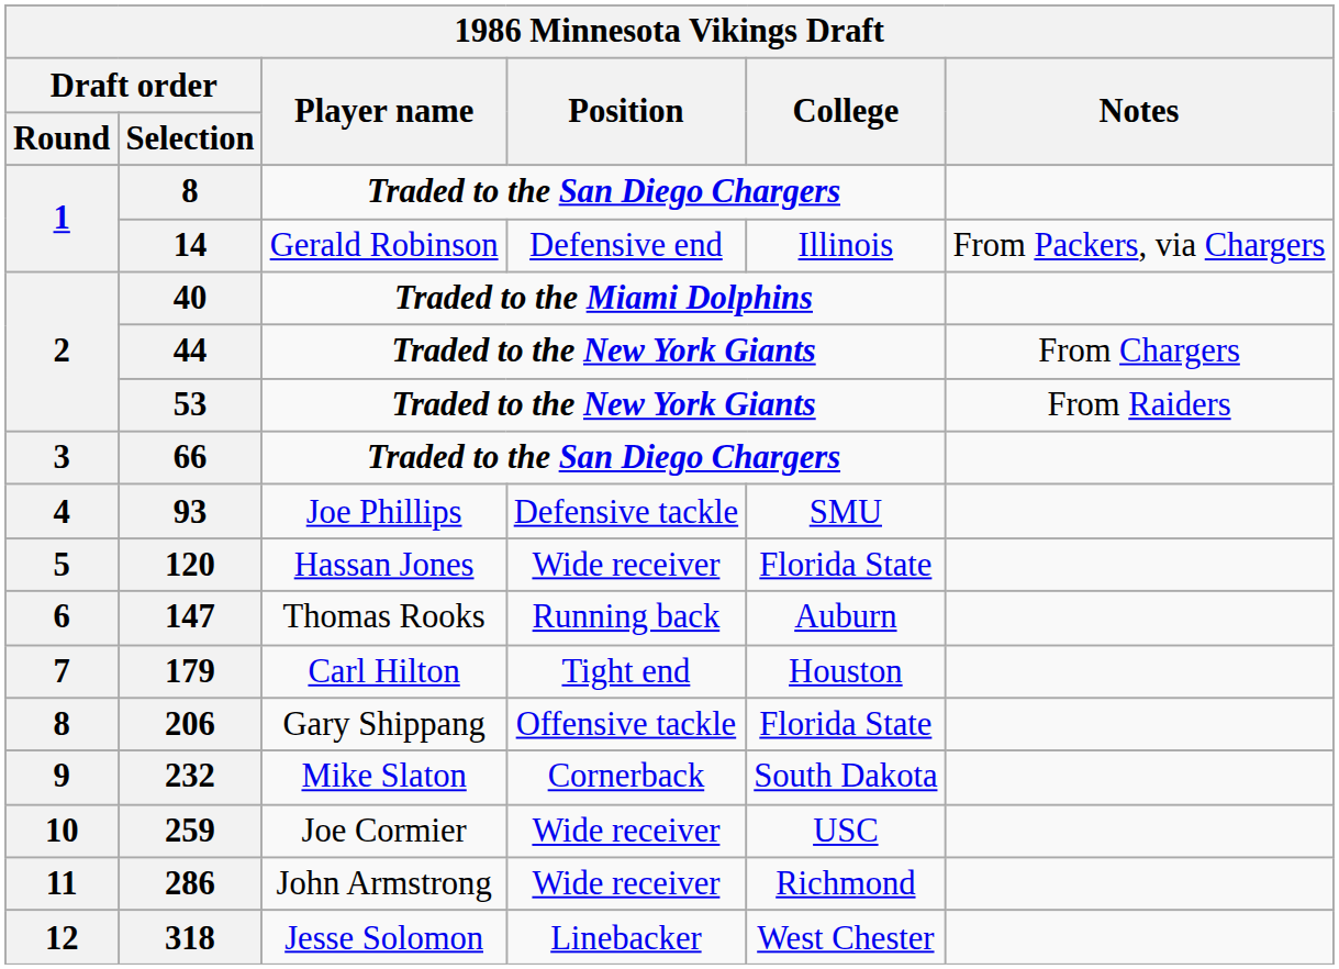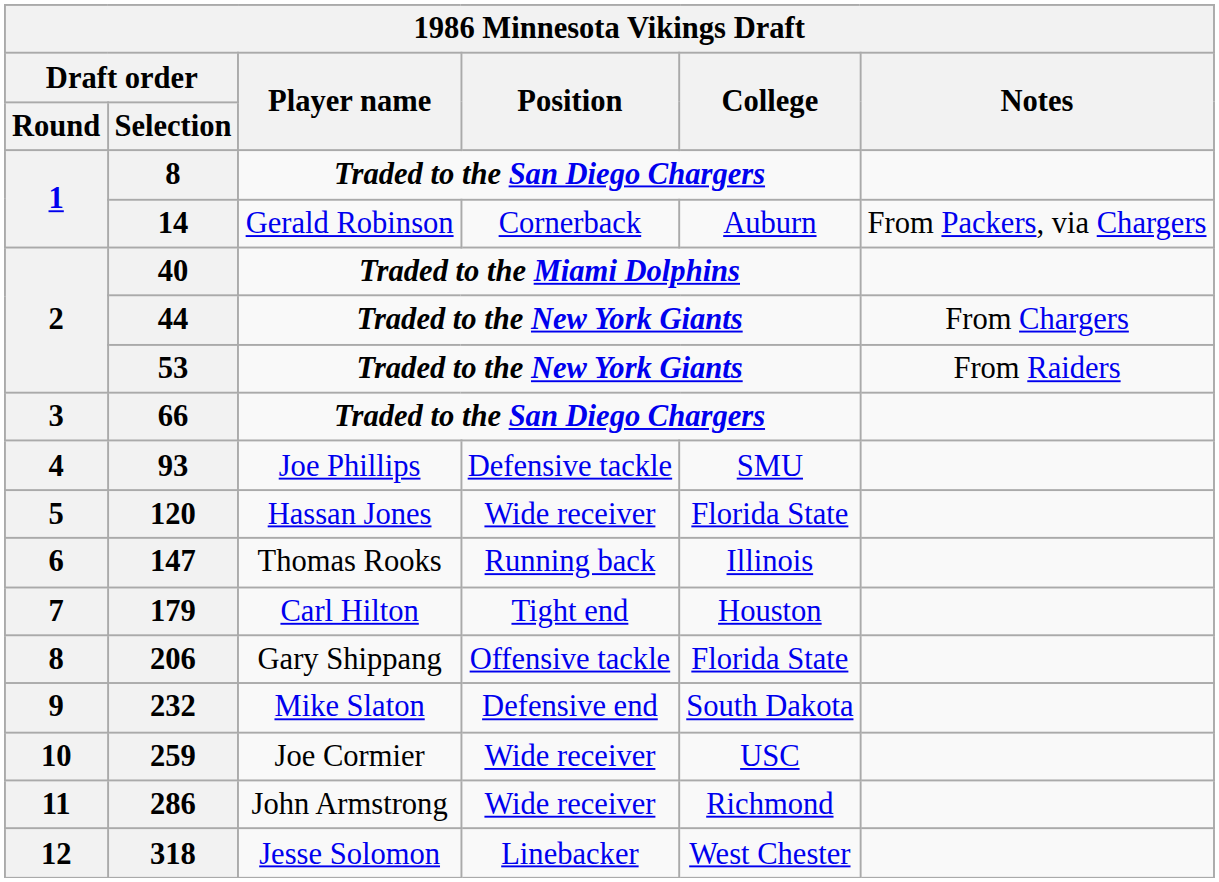 <table class="wikitable" style="text-align:center">
 <tr>
 <th colspan="6">1986 Minnesota Vikings Draft</th>
 </tr>
 <tr>
 <th colspan="2">Draft order</th>
 <th rowspan="2">Player name</th>
 <th rowspan="2">Position</th>
 <th rowspan="2">College</th>
 <th rowspan="2">Notes</th>
 </tr>
 <tr>
 <th>Round</th>
 <th>Selection</th>
 </tr>
 <tr>
 <th rowspan="2"><a href='#'>1</a></th>
 <th>8</th>
 <td colspan="3"><strong><em>Traded to the <a href='#'>San Diego Chargers</a></em></strong></td>
 <td></td>
 </tr>
 <tr>
 <th>14</th>
 <td><a href='#'>Gerald Robinson</a></td>
-<td><a href='#'>Defensive end</a></td>
-<td><a href='#'>Illinois</a></td>
+<td><a href='#'>Cornerback</a></td>
+<td><a href='#'>Auburn</a></td>
 <td>From <a href='#'>Packers</a>, via <a href='#'>Chargers</a></td>
 </tr>
 <tr>
 <th rowspan="3">2</th>
 <th>40</th>
 <td colspan="3"><strong><em>Traded to the <a href='#'>Miami Dolphins</a></em></strong></td>
 </tr>
 <tr>
 <th>44</th>
 <td colspan="3"><strong><em>Traded to the <a href='#'>New York Giants</a></em></strong></td>
 <td>From <a href='#'>Chargers</a></td>
 </tr>
 <tr>
 <th>53</th>
 <td colspan="3"><strong><em>Traded to the <a href='#'>New York Giants</a></em></strong></td>
 <td>From <a href='#'>Raiders</a></td>
 </tr>
 <tr>
 <th>3</th>
 <th>66</th>
 <td colspan="3"><strong><em>Traded to the <a href='#'>San Diego Chargers</a></em></strong></td>
 <td></td>
 </tr>
 <tr>
 <th>4</th>
 <th>93</th>
 <td><a href='#'>Joe Phillips</a></td>
 <td><a href='#'>Defensive tackle</a></td>
 <td><a href='#'>SMU</a></td>
 <td></td>
 </tr>
 <tr>
 <th>5</th>
 <th>120</th>
 <td><a href='#'>Hassan Jones</a></td>
 <td><a href='#'>Wide receiver</a></td>
 <td><a href='#'>Florida State</a></td>
 <td></td>
 </tr>
 <tr>
 <th>6</th>
 <th>147</th>
 <td>Thomas Rooks</td>
 <td><a href='#'>Running back</a></td>
-<td><a href='#'>Auburn</a></td>
+<td><a href='#'>Illinois</a></td>
 <td></td>
 </tr>
 <tr>
 <th>7</th>
 <th>179</th>
 <td><a href='#'>Carl Hilton</a></td>
 <td><a href='#'>Tight end</a></td>
 <td><a href='#'>Houston</a></td>
 <td></td>
 </tr>
 <tr>
 <th>8</th>
 <th>206</th>
 <td>Gary Shippang</td>
 <td><a href='#'>Offensive tackle</a></td>
 <td><a href='#'>Florida State</a></td>
 <td></td>
 </tr>
 <tr>
 <th>9</th>
 <th>232</th>
 <td><a href='#'>Mike Slaton</a></td>
-<td><a href='#'>Cornerback</a></td>
+<td><a href='#'>Defensive end</a></td>
 <td><a href='#'>South Dakota</a></td>
 <td></td>
 </tr>
 <tr>
 <th>10</th>
 <th>259</th>
 <td>Joe Cormier</td>
 <td><a href='#'>Wide receiver</a></td>
 <td><a href='#'>USC</a></td>
 <td></td>
 </tr>
 <tr>
 <th>11</th>
 <th>286</th>
 <td>John Armstrong</td>
 <td><a href='#'>Wide receiver</a></td>
 <td><a href='#'>Richmond</a></td>
 <td></td>
 </tr>
 <tr>
 <th>12</th>
 <th>318</th>
 <td><a href='#'>Jesse Solomon</a></td>
 <td><a href='#'>Linebacker</a></td>
 <td><a href='#'>West Chester</a></td>
 <td></td>
 </tr>
 </table>
